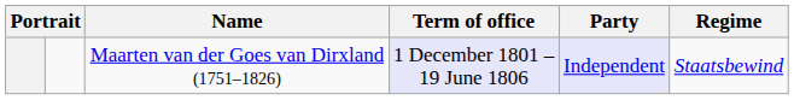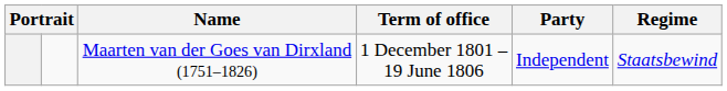 <table class="wikitable" style="text-align:center">
 <tr>
 <th colspan=2>Portrait</th>
 <th>Name</th>
 <th>Term of office</th>
 <th>Party</th>
 <th>Regime</th>
 </tr>
 <tr>
 <th style="background:"></th>
 <td></td>
 <td><a href='#'>Maarten van der Goes van Dirxland</a> <br> <small>(1751–1826)</small></td>
-<td style="background: lavender;">1 December 1801 – <br> 19 June 1806</td>
-<td style="background: lavender;"><a href='#'>Independent</a></td>
+<td>1 December 1801 – <br> 19 June 1806</td>
+<td><a href='#'>Independent</a></td>
 <td><em><a href='#'>Staatsbewind</a></em></td>
 </tr>
 </table>
